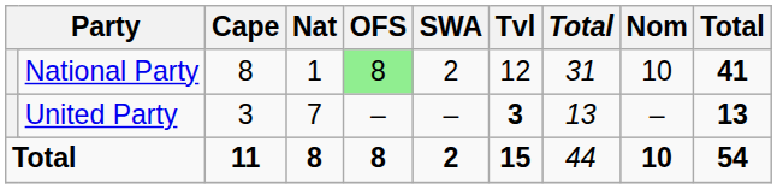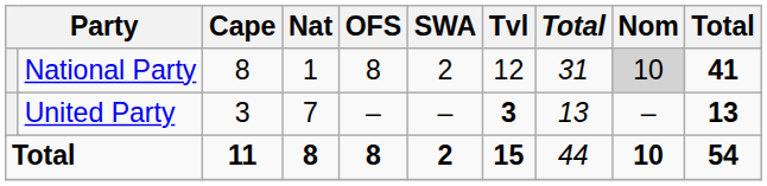 <table class="wikitable">
 <tr>
 <th colspan=3><strong>Party</strong></th>
 <th>Cape</th>
 <th>Nat</th>
 <th>OFS</th>
 <th>SWA</th>
 <th>Tvl</th>
 <th><em>Total</em></th>
 <th>Nom</th>
 <th><strong>Total</strong></th>
 </tr>
 <tr>
 <th colspan=2 style="background-color: "></th>
 <td><a href='#'>National Party</a></td>
 <td align=center>8</td>
 <td align=center>1</td>
-<td align=center style="background: lightgreen;">8</td>
+<td align=center>8</td>
 <td align=center>2</td>
 <td align=center>12</td>
 <td align=center><em>31</em></td>
-<td align=center>10</td>
+<td align=center style="background: lightgrey;">10</td>
 <td align=center><strong>41</strong></td>
 </tr>
 <tr>
 <th colspan=2 style="background-color: "></th>
 <td><a href='#'>United Party</a></td>
 <td align=center>3</td>
 <td align=center>7</td>
 <td align=center>–</td>
 <td align=center>–</td>
 <td align=center><strong>3</strong></td>
 <td align=center><em>13</em></td>
 <td align=center>–</td>
 <td align=center><strong>13</strong></td>
 </tr>
 <tr>
 <td colspan=3><strong>Total</strong></td>
 <td align=center><strong>11</strong></td>
 <td align=center><strong>8</strong></td>
 <td align=center><strong>8</strong></td>
 <td align=center><strong>2</strong></td>
 <td align=center><strong>15</strong></td>
 <td align=center><em>44</em></td>
 <td align=center><strong>10</strong></td>
 <td align=center><strong>54</strong></td>
 </tr>
 <tr>
 </tr>
 </table>
